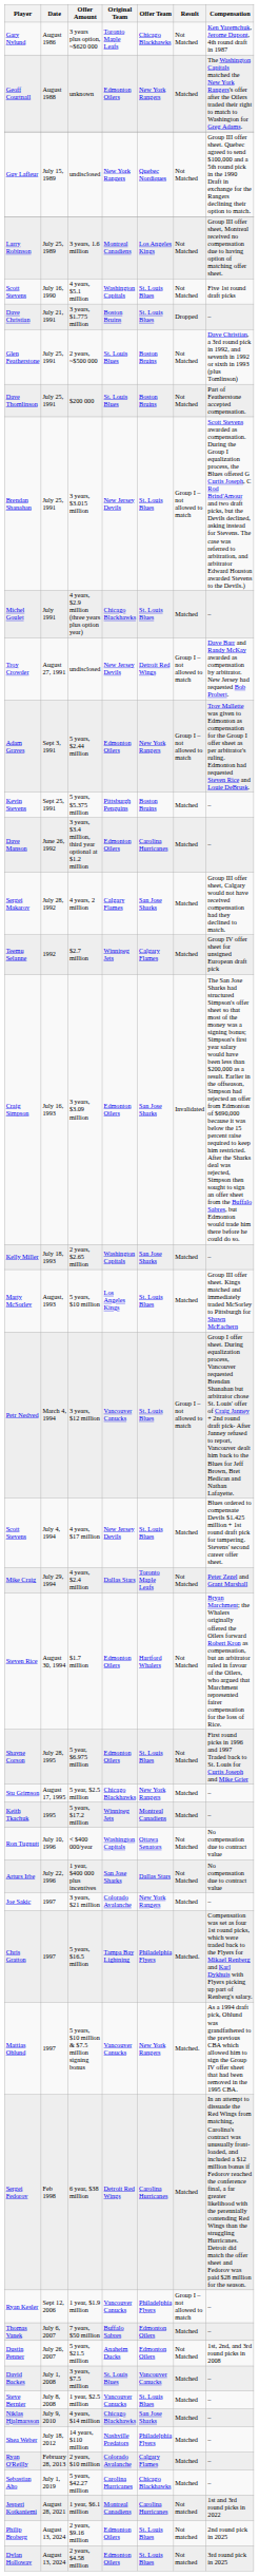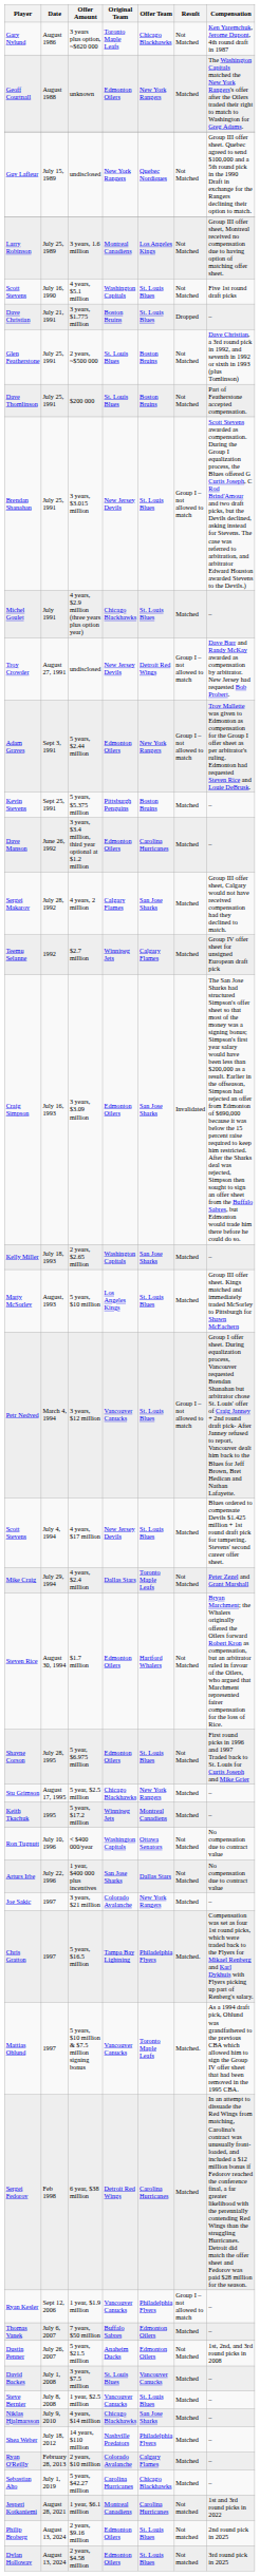 <table class="wikitable">
 <tr>
 <th>Player</th>
 <th>Date</th>
 <th>Offer Amount</th>
 <th>Original Team</th>
 <th>Offer Team</th>
 <th>Result</th>
 <th>Compensation</th>
 </tr>
 <tr>
 <td><a href='#'>Gary Nylund</a></td>
 <td>August 1986 </td>
 <td>3 years plus option, ~$620 000 </td>
 <td><a href='#'>Toronto Maple Leafs</a></td>
 <td><a href='#'>Chicago Blackhawks</a></td>
 <td>Not Matched</td>
 <td><a href='#'>Ken Yaremchuk</a>, <a href='#'>Jerome Dupont</a>, 4th round draft in 1987</td>
 </tr>
 <tr bgcolor="eeeeee">
 <td><a href='#'>Geoff Courtnall</a></td>
 <td>August 1988 </td>
 <td>unknown</td>
 <td><a href='#'>Edmonton Oilers</a></td>
 <td><a href='#'>New York Rangers</a></td>
 <td>Matched</td>
 <td>The <a href='#'>Washington Capitals</a> matched the <a href='#'>New York Rangers</a>'s offer after the Oilers traded their right to match to Washington for <a href='#'>Greg Adams</a>.</td>
 </tr>
 <tr>
 </tr>
 <tr>
 <td><a href='#'>Guy Lafleur</a></td>
 <td>July 15, 1989 </td>
 <td>undisclosed</td>
 <td><a href='#'>New York Rangers</a></td>
 <td><a href='#'>Quebec Nordiques</a></td>
 <td>Not Matched</td>
 <td>Group III offer sheet.  Quebec agreed to send $100,000 and a 5th round pick in the 1990 Draft in exchange for the Rangers declining their option to match.</td>
 </tr>
 <tr>
 </tr>
 <tr bgcolor="eeeeee">
 <td><a href='#'>Larry Robinson</a></td>
 <td>July 25, 1989</td>
 <td>3 years, 1.6 million</td>
 <td><a href='#'>Montreal Canadiens</a></td>
 <td><a href='#'>Los Angeles Kings</a></td>
 <td>Not Matched</td>
 <td>Group III offer sheet, Montreal received no compensation due to having option of matching offer sheet.</td>
 </tr>
 <tr>
 <td><a href='#'>Scott Stevens</a></td>
 <td>July 16, 1990 </td>
 <td>4 years, $5.1 million</td>
 <td><a href='#'>Washington Capitals</a></td>
 <td><a href='#'>St. Louis Blues</a></td>
 <td>Not Matched</td>
 <td>Five 1st round draft picks</td>
 </tr>
 <tr bgcolor="eeeeee">
 <td><a href='#'>Dave Christian</a></td>
 <td>July 21, 1991 </td>
 <td>3 years, $1.775 million</td>
 <td><a href='#'>Boston Bruins</a></td>
 <td><a href='#'>St. Louis Blues</a></td>
 <td>Dropped</td>
 <td>–</td>
 </tr>
 <tr>
 <td><a href='#'>Glen Featherstone</a></td>
 <td>July 25, 1991 </td>
 <td>2 years, ~$500 000</td>
 <td><a href='#'>St. Louis Blues</a></td>
 <td><a href='#'>Boston Bruins</a></td>
 <td>Not Matched</td>
 <td><a href='#'>Dave Christian</a>, a 3rd round pick in 1992, and seventh in 1992 or sixth in 1993 (plus Tomlinson)</td>
 </tr>
 <tr bgcolor="eeeeee">
 <td><a href='#'>Dave Thomlinson</a></td>
 <td>July 25, 1991 </td>
 <td>$200 000</td>
 <td><a href='#'>St. Louis Blues</a></td>
 <td><a href='#'>Boston Bruins</a></td>
 <td>Not Matched</td>
 <td>Part of Featherstone accepted compensation.</td>
 </tr>
 <tr>
 <td><a href='#'>Brendan Shanahan</a></td>
 <td>July 25, 1991 </td>
 <td>3 years, $3.015 million</td>
 <td><a href='#'>New Jersey Devils</a></td>
 <td><a href='#'>St. Louis Blues</a></td>
 <td>Group I – not allowed to match</td>
 <td><a href='#'>Scott Stevens</a> awarded as compensation.  During the Group I equalization process, the Blues offered G <a href='#'>Curtis Joseph</a>, C <a href='#'>Rod Brind'Amour</a> and two draft picks, but the Devils declined, asking instead for Stevens. The case was referred to arbitration, and arbitrator Edward Houston awarded Stevens to the Devils.)</td>
 </tr>
 <tr bgcolor="eeeeee">
 <td><a href='#'>Michel Goulet</a></td>
 <td>July 1991 <br></td>
 <td>4 years, $2.9 million (three years plus option year)</td>
 <td><a href='#'>Chicago Blackhawks</a></td>
 <td><a href='#'>St. Louis Blues</a></td>
 <td>Matched</td>
 <td>–</td>
 </tr>
 <tr>
 <td><a href='#'>Troy Crowder</a></td>
 <td>August 27, 1991</td>
 <td>undisclosed</td>
 <td><a href='#'>New Jersey Devils</a></td>
 <td><a href='#'>Detroit Red Wings</a></td>
 <td>Group I – not allowed to match</td>
 <td><a href='#'>Dave Barr</a> and <a href='#'>Randy McKay</a> awarded as compensation by arbitrator.  New Jersey had requested <a href='#'>Bob Probert</a>.</td>
 </tr>
 <tr bgcolor="eeeeee">
 <td><a href='#'>Adam Graves</a></td>
 <td>Sept 3, 1991 </td>
 <td>5 years, $2.44 million</td>
 <td><a href='#'>Edmonton Oilers</a></td>
 <td><a href='#'>New York Rangers</a></td>
 <td>Group I – not allowed to match</td>
 <td><a href='#'>Troy Mallette</a> was given to Edmonton as compensation for the Group I offer sheet as per arbitrator's ruling.  Edmonton had requested <a href='#'>Steven Rice</a> and <a href='#'>Louie DeBrusk</a>.</td>
 </tr>
 <tr>
 <td><a href='#'>Kevin Stevens</a></td>
 <td>Sept 25, 1991 </td>
 <td>5 years, $5.375 million</td>
 <td><a href='#'>Pittsburgh Penguins</a></td>
 <td><a href='#'>Boston Bruins</a></td>
 <td>Matched</td>
 <td>–</td>
 </tr>
 <tr bgcolor="eeeeee">
 <td><a href='#'>Dave Manson</a></td>
 <td>June 26, 1992 </td>
 <td>3 years, $3.4 million, third year optional at $1.2 million</td>
 <td><a href='#'>Edmonton Oilers</a></td>
 <td><a href='#'>Carolina Hurricanes</a></td>
 <td>Matched</td>
 <td>–</td>
 </tr>
 <tr>
 <td><a href='#'>Sergei Makarov</a></td>
 <td>July 28, 1992</td>
 <td>4 years, 2 million</td>
 <td><a href='#'>Calgary Flames</a></td>
 <td><a href='#'>San Jose Sharks</a></td>
 <td>Matched</td>
 <td>Group III offer sheet, Calgary would not have received compensation had they declined to match.</td>
 </tr>
 <tr bgcolor="eeeeee">
 <td><a href='#'>Teemu Selanne</a></td>
 <td>1992 </td>
 <td>$2.7 million </td>
 <td><a href='#'>Winnipeg Jets</a></td>
 <td><a href='#'>Calgary Flames</a></td>
 <td>Matched</td>
 <td>Group IV offer sheet for unsigned European draft pick</td>
 </tr>
 <tr>
 <td><a href='#'>Craig Simpson</a></td>
 <td>July 16, 1993 </td>
 <td>3 years, $3.09 million</td>
 <td><a href='#'>Edmonton Oilers</a></td>
 <td><a href='#'>San Jose Sharks</a></td>
 <td>Invalidated</td>
 <td>The San Jose Sharks had structured Simpson's offer sheet so that most of the money was a signing bonus; Simpson's first year salary would have been less than $200,000 as a result. Earlier in the offseason, Simpson had rejected an offer from Edmonton of $690,000 because it was below the 15 percent raise required to keep him restricted. After the Sharks deal was rejected, Simpson then sought to sign an offer sheet from the <a href='#'>Buffalo Sabres</a>, but Edmonton would trade him there before he could do so.</td>
 </tr>
 <tr bgcolor="eeeeee">
 <td><a href='#'>Kelly Miller</a></td>
 <td>July 18, 1993 </td>
 <td>2 years, $2.65 million</td>
 <td><a href='#'>Washington Capitals</a></td>
 <td><a href='#'>San Jose Sharks</a></td>
 <td>Matched</td>
 <td>–</td>
 </tr>
 <tr>
 <td><a href='#'>Marty McSorley</a></td>
 <td>August, 1993 </td>
 <td>5 years, $10 million</td>
 <td><a href='#'>Los Angeles Kings</a></td>
 <td><a href='#'>St. Louis Blues</a></td>
 <td>Matched</td>
 <td>Group III offer sheet.  Kings matched and immediately traded McSorley to Pittsburgh for <a href='#'>Shawn McEachern</a></td>
 </tr>
 <tr bgcolor="eeeeee">
 <td><a href='#'>Petr Nedved</a></td>
 <td>March 4, 1994</td>
 <td>3 years, $12 million</td>
 <td><a href='#'>Vancouver Canucks</a></td>
 <td><a href='#'>St. Louis Blues</a></td>
 <td>Group I – not allowed to match</td>
 <td>Group I offer sheet.  During equalization process, Vancouver requested Brendan Shanahan but arbitrator chose St. Louis' offer of <a href='#'>Craig Janney</a> + 2nd round draft pick- After Janney refused to report, Vancouver dealt him back to the Blues for Jeff Brown, Bret Hedican and Nathan Lafayette.</td>
 </tr>
 <tr>
 <td><a href='#'>Scott Stevens</a></td>
 <td>July 4, 1994 </td>
 <td>4 years, $17 million</td>
 <td><a href='#'>New Jersey Devils</a></td>
 <td><a href='#'>St. Louis Blues</a></td>
 <td>Matched</td>
 <td>Blues ordered to compensate Devils $1.425 million + 1st round draft pick for tampering.<br> Stevens' second career offer sheet.</td>
 </tr>
 <tr bgcolor="eeeeee">
 <td><a href='#'>Mike Craig</a></td>
 <td>July 29, 1994 </td>
 <td>4 years, $2.4 million</td>
 <td><a href='#'>Dallas Stars</a></td>
 <td><a href='#'>Toronto Maple Leafs</a></td>
 <td>Not Matched</td>
 <td><a href='#'>Peter Zezel</a> and <a href='#'>Grant Marshall</a></td>
 </tr>
 <tr>
 <td><a href='#'>Steven Rice</a></td>
 <td>August 30, 1994 </td>
 <td>$1.7 million </td>
 <td><a href='#'>Edmonton Oilers</a></td>
 <td><a href='#'>Hartford Whalers</a></td>
 <td>Not Matched</td>
 <td><a href='#'>Bryan Marchment</a>; the Whalers originally offered the Oilers forward <a href='#'>Robert Kron</a> as compensation, but an arbitrator ruled in favour of the Oilers, who argued that Marchment represented fairer compensation for the loss of Rice.</td>
 </tr>
 <tr bgcolor="eeeeee">
 <td><a href='#'>Shayne Corson</a></td>
 <td>July 28, 1995 </td>
 <td>5 year, $6.975 million </td>
 <td><a href='#'>Edmonton Oilers</a></td>
 <td><a href='#'>St. Louis Blues</a></td>
 <td>Not Matched</td>
 <td>First round picks in 1996 and 1997 <br> Traded back to St. Louis for <a href='#'>Curtis Joseph</a> and <a href='#'>Mike Grier</a></td>
 </tr>
 <tr>
 <td><a href='#'>Stu Grimson</a></td>
 <td>August 17, 1995 </td>
 <td>5 year, $2.5 million</td>
 <td><a href='#'>Chicago Blackhawks</a></td>
 <td><a href='#'>New York Rangers</a></td>
 <td>Matched</td>
 <td>–</td>
 </tr>
 <tr bgcolor="eeeeee">
 <td><a href='#'>Keith Tkachuk</a></td>
 <td>1995 </td>
 <td>5 years, $17.2 million</td>
 <td><a href='#'>Winnipeg Jets</a></td>
 <td><a href='#'>Montreal Canadiens</a></td>
 <td>Matched</td>
 <td>–</td>
 </tr>
 <tr>
 <td><a href='#'>Ron Tugnutt</a></td>
 <td>July 10, 1996 </td>
 <td>< $400 000/year</td>
 <td><a href='#'>Washington Capitals</a></td>
 <td><a href='#'>Ottawa Senators</a></td>
 <td>Not Matched</td>
 <td>No compensation due to contract value</td>
 </tr>
 <tr bgcolor="eeeeee">
 <td><a href='#'>Arturs Irbe</a></td>
 <td>July 22, 1996 </td>
 <td>1 year, $400 000 plus incentives</td>
 <td><a href='#'>San Jose Sharks</a></td>
 <td><a href='#'>Dallas Stars</a></td>
 <td>Not Matched</td>
 <td>No compensation due to contract value</td>
 </tr>
 <tr>
 <td><a href='#'>Joe Sakic</a></td>
 <td>1997 </td>
 <td>3 years, $21 million</td>
 <td><a href='#'>Colorado Avalanche</a></td>
 <td><a href='#'>New York Rangers</a></td>
 <td>Matched</td>
 <td>–</td>
 </tr>
 <tr bgcolor="eeeeee">
 <td><a href='#'>Chris Gratton</a></td>
 <td>1997 </td>
 <td>5 years, $16.5 million</td>
 <td><a href='#'>Tampa Bay Lightning</a></td>
 <td><a href='#'>Philadelphia Flyers</a></td>
 <td>Matched.</td>
 <td>Compensation was set as four 1st round picks, which were traded back to the Flyers for <a href='#'>Mikael Renberg</a> and <a href='#'>Karl Dykhuis</a> with Flyers picking up part of Renberg's salary.</td>
 </tr>
 <tr>
 <td><a href='#'>Mattias Ohlund</a></td>
 <td>1997 </td>
 <td>5 years, $10 million & $7.5 million signing bonus</td>
 <td><a href='#'>Vancouver Canucks</a></td>
-<td><a href='#'>New York Rangers</a></td>
+<td><a href='#'>Toronto Maple Leafs</a></td>
 <td>Matched.</td>
 <td>As a 1994 draft pick, Ohlund was grandfathered to the previous CBA which allowed him to sign the Group IV offer sheet that had been removed in the 1995 CBA.</td>
 </tr>
 <tr bgcolor="eeeeee">
 <td><a href='#'>Sergei Fedorov</a></td>
 <td>Feb 1998 </td>
 <td>6 year, $38 million</td>
 <td><a href='#'>Detroit Red Wings</a></td>
 <td><a href='#'>Carolina Hurricanes</a></td>
 <td>Matched</td>
 <td>In an attempt to dissuade the Red Wings from matching, Carolina's contract was unusually front-loaded, and included a $12 million bonus if Fedorov reached the conference final, a far greater likelihood with the perennially contending Red Wings than the struggling Hurricanes.  Detroit did match the offer sheet and Fedorov was paid $28 million for the season.</td>
 </tr>
 <tr>
 <td><a href='#'>Ryan Kesler</a></td>
 <td>Sept 12, 2006 </td>
 <td>1 year, $1.9 million</td>
 <td><a href='#'>Vancouver Canucks</a></td>
 <td><a href='#'>Philadelphia Flyers</a></td>
 <td>Group I – not allowed to match</td>
 <td>–</td>
 </tr>
 <tr bgcolor="eeeeee">
 <td><a href='#'>Thomas Vanek</a></td>
 <td>July 6, 2007 </td>
 <td>7 years, $50 million</td>
 <td><a href='#'>Buffalo Sabres</a></td>
 <td><a href='#'>Edmonton Oilers</a></td>
 <td>Matched</td>
 <td>–</td>
 </tr>
 <tr>
 <td><a href='#'>Dustin Penner</a></td>
 <td>July 26, 2007</td>
 <td>5 years, $21.5 million</td>
 <td><a href='#'>Anaheim Ducks</a></td>
 <td><a href='#'>Edmonton Oilers</a></td>
 <td>Not Matched</td>
 <td>1st, 2nd, and 3rd round picks in 2008</td>
 </tr>
 <tr bgcolor="eeeeee">
 <td><a href='#'>David Backes</a></td>
 <td>July 1, 2008</td>
 <td>3 years, $7.5 million</td>
 <td><a href='#'>St. Louis Blues</a></td>
 <td><a href='#'>Vancouver Canucks</a></td>
 <td>Matched</td>
 <td>–</td>
 </tr>
 <tr>
 <td><a href='#'>Steve Bernier</a></td>
 <td>July 8, 2008</td>
 <td>1 year, $2.5 million</td>
 <td><a href='#'>Vancouver Canucks</a></td>
 <td><a href='#'>St. Louis Blues</a></td>
 <td>Matched</td>
 <td>–</td>
 </tr>
 <tr bgcolor="eeeeee">
 <td><a href='#'>Niklas Hjalmarsson</a></td>
 <td>July 9, 2010</td>
 <td>4 years, $14 million</td>
 <td><a href='#'>Chicago Blackhawks</a></td>
 <td><a href='#'>San Jose Sharks</a></td>
 <td>Matched</td>
 <td>–</td>
 </tr>
 <tr>
 <td><a href='#'>Shea Weber</a></td>
 <td>July 18, 2012</td>
 <td>14 years, $110 million</td>
 <td><a href='#'>Nashville Predators</a></td>
 <td><a href='#'>Philadelphia Flyers</a></td>
 <td>Matched</td>
 <td>–</td>
 </tr>
 <tr bgcolor="eeeeee">
 <td><a href='#'>Ryan O'Reilly</a></td>
 <td>February 28, 2013</td>
 <td>2 years, $10 million</td>
 <td><a href='#'>Colorado Avalanche</a></td>
 <td><a href='#'>Calgary Flames</a></td>
 <td>Matched</td>
 <td>–</td>
 </tr>
 <tr>
 <td><a href='#'>Sebastian Aho</a></td>
 <td>July 1, 2019</td>
 <td>5 years, $42.27 million</td>
 <td><a href='#'>Carolina Hurricanes</a></td>
 <td><a href='#'>Chicago Blackhawks</a></td>
 <td>Matched</td>
 <td>–</td>
 </tr>
 <tr bgcolor="eeeeee">
 <td><a href='#'>Jesperi Kotkaniemi</a></td>
 <td>August 28, 2021</td>
 <td>1 year, $6.1 million</td>
 <td><a href='#'>Montreal Canadiens</a></td>
 <td><a href='#'>Carolina Hurricanes</a></td>
 <td>Not matched</td>
 <td>1st and 3rd round picks in 2022</td>
 </tr>
 <tr>
 <td><a href='#'>Philip Broberg</a></td>
 <td>August 13, 2024</td>
 <td>2 years, $9.16 million</td>
 <td><a href='#'>Edmonton Oilers</a></td>
 <td><a href='#'>St. Louis Blues</a></td>
 <td>Not matched</td>
 <td>2nd round pick in 2025</td>
 </tr>
 <tr bgcolor="eeeeee">
 <td><a href='#'>Dylan Holloway</a></td>
 <td>August 13, 2024</td>
 <td>2 years, $4.58 million</td>
 <td><a href='#'>Edmonton Oilers</a></td>
 <td><a href='#'>St. Louis Blues</a></td>
 <td>Not matched</td>
 <td>3rd round pick in 2025</td>
 </tr>
 </table>
